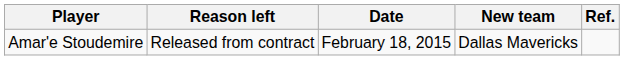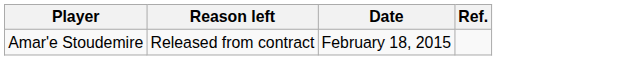 <table class="wikitable sortable sortable" style="text-align: center">
 <tr>
 <th>Player</th>
 <th>Reason left</th>
 <th>Date</th>
-<th>New team</th>
 <th>Ref.</th>
 </tr>
 <tr>
 <td>Amar'e Stoudemire</td>
 <td>Released from contract</td>
 <td>February 18, 2015</td>
-<td>Dallas Mavericks</td>
 <td></td>
 </tr>
 </table>
